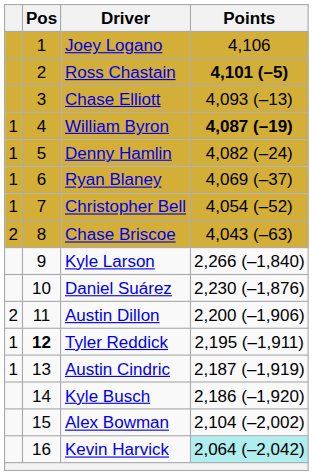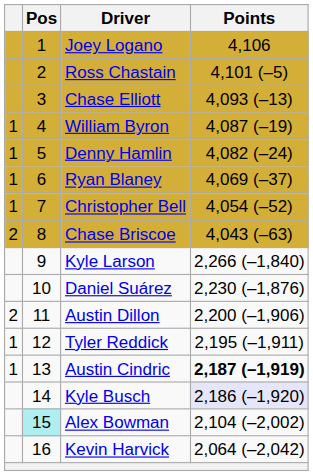 <table class="wikitable" style="font-size: 95%;">
 <tr>
 <th></th>
 <th>Pos</th>
 <th>Driver</th>
 <th>Points</th>
 </tr>
 <tr style="background:#D4AF37;">
 <td align="left"></td>
 <td style="text-align:center;">1</td>
 <td><a href='#'>Joey Logano</a></td>
 <td style="text-align:center;">4,106</td>
 </tr>
 <tr style="background:#D4AF37;">
 <td align="left"></td>
 <td style="text-align:center;">2</td>
 <td><a href='#'>Ross Chastain</a></td>
-<td style="text-align:center;"><strong>4,101 (–5)</strong></td>
+<td style="text-align:center;">4,101 (–5)</td>
 </tr>
 <tr style="background:#D4AF37;">
 <td align="left"></td>
 <td style="text-align:center;">3</td>
 <td><a href='#'>Chase Elliott</a></td>
 <td style="text-align:center;">4,093 (–13)</td>
 </tr>
 <tr style="background:#D4AF37;">
 <td align="left"> 1</td>
 <td style="text-align:center;">4</td>
 <td><a href='#'>William Byron</a></td>
-<td style="text-align:center;"><strong>4,087 (–19)</strong></td>
+<td style="text-align:center;">4,087 (–19)</td>
 </tr>
 <tr style="background:#D4AF37;">
 <td align="left"> 1</td>
 <td style="text-align:center;">5</td>
 <td><a href='#'>Denny Hamlin</a></td>
 <td style="text-align:center;">4,082 (–24)</td>
 </tr>
 <tr style="background:#D4AF37;">
 <td align="left"> 1</td>
 <td style="text-align:center;">6</td>
 <td><a href='#'>Ryan Blaney</a></td>
 <td style="text-align:center;">4,069 (–37)</td>
 </tr>
 <tr style="background:#D4AF37;">
 <td align="left"> 1</td>
 <td style="text-align:center;">7</td>
 <td><a href='#'>Christopher Bell</a></td>
 <td style="text-align:center;">4,054 (–52)</td>
 </tr>
 <tr style="background:#D4AF37;">
 <td align="left"> 2</td>
 <td style="text-align:center;">8</td>
 <td><a href='#'>Chase Briscoe</a></td>
 <td style="text-align:center;">4,043 (–63)</td>
 </tr>
 <tr>
 <td align="left"></td>
 <td style="text-align:center;">9</td>
 <td><a href='#'>Kyle Larson</a></td>
 <td style="text-align:center;">2,266 (–1,840)</td>
 </tr>
 <tr>
 <td align="left"></td>
 <td style="text-align:center;">10</td>
 <td><a href='#'>Daniel Suárez</a></td>
 <td style="text-align:center;">2,230 (–1,876)</td>
 </tr>
 <tr>
 <td align="left"> 2</td>
 <td style="text-align:center;">11</td>
 <td><a href='#'>Austin Dillon</a></td>
 <td style="text-align:center;">2,200 (–1,906)</td>
 </tr>
 <tr>
 <td align="left"> 1</td>
-<td style="text-align:center;"><strong>12</strong></td>
+<td style="text-align:center;">12</td>
 <td><a href='#'>Tyler Reddick</a></td>
 <td style="text-align:center;">2,195 (–1,911)</td>
 </tr>
 <tr>
 <td align="left"> 1</td>
 <td style="text-align:center;">13</td>
 <td><a href='#'>Austin Cindric</a></td>
-<td style="text-align:center;">2,187 (–1,919)</td>
+<td style="text-align:center;"><strong>2,187 (–1,919)</strong></td>
 </tr>
 <tr>
 <td align="left"></td>
 <td style="text-align:center;">14</td>
 <td><a href='#'>Kyle Busch</a></td>
-<td style="text-align:center;">2,186 (–1,920)</td>
+<td style="background: lavender; text-align:center;">2,186 (–1,920)</td>
 </tr>
 <tr>
 <td align="left"></td>
-<td style="text-align:center;">15</td>
+<td style="background: paleturquoise; text-align:center;">15</td>
 <td><a href='#'>Alex Bowman</a></td>
 <td style="text-align:center;">2,104 (–2,002)</td>
 </tr>
 <tr>
 <td align="left"></td>
 <td style="text-align:center;">16</td>
 <td><a href='#'>Kevin Harvick</a></td>
-<td style="background: paleturquoise; text-align:center;">2,064 (–2,042)</td>
+<td style="text-align:center;">2,064 (–2,042)</td>
 </tr>
 <tr class="sortbottom">
 <th colspan="9"></th>
 </tr>
 </table>
